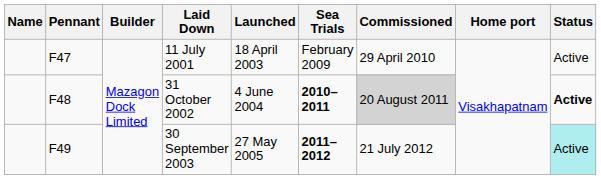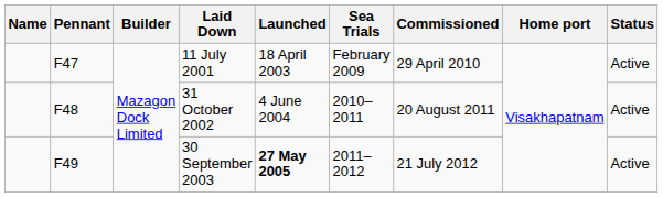 <table class="wikitable">
 <tr>
 <th>Name</th>
 <th>Pennant</th>
 <th>Builder</th>
 <th>Laid Down</th>
 <th>Launched</th>
 <th>Sea Trials</th>
 <th>Commissioned</th>
 <th>Home port</th>
 <th>Status</th>
 </tr>
 <tr>
 <td></td>
 <td>F47</td>
 <td rowspan=3><a href='#'>Mazagon Dock Limited</a></td>
 <td>11 July 2001</td>
 <td>18 April 2003</td>
 <td>February 2009</td>
 <td>29 April 2010</td>
 <td rowspan="3"><a href='#'>Visakhapatnam</a></td>
 <td>Active</td>
 </tr>
 <tr>
 <td></td>
 <td>F48</td>
 <td>31 October 2002</td>
 <td>4 June 2004</td>
-<td><strong>2010–2011</strong></td>
-<td style="background: lightgrey;">20 August 2011</td>
-<td><strong>Active</strong></td>
+<td>2010–2011</td>
+<td>20 August 2011</td>
+<td>Active</td>
 </tr>
 <tr>
 <td></td>
 <td>F49</td>
 <td>30 September 2003</td>
-<td>27 May 2005</td>
-<td><strong>2011–2012</strong></td>
+<td><strong>27 May 2005</strong></td>
+<td>2011–2012</td>
 <td>21 July 2012</td>
-<td style="background: paleturquoise;">Active</td>
+<td>Active</td>
 </tr>
 </table>
